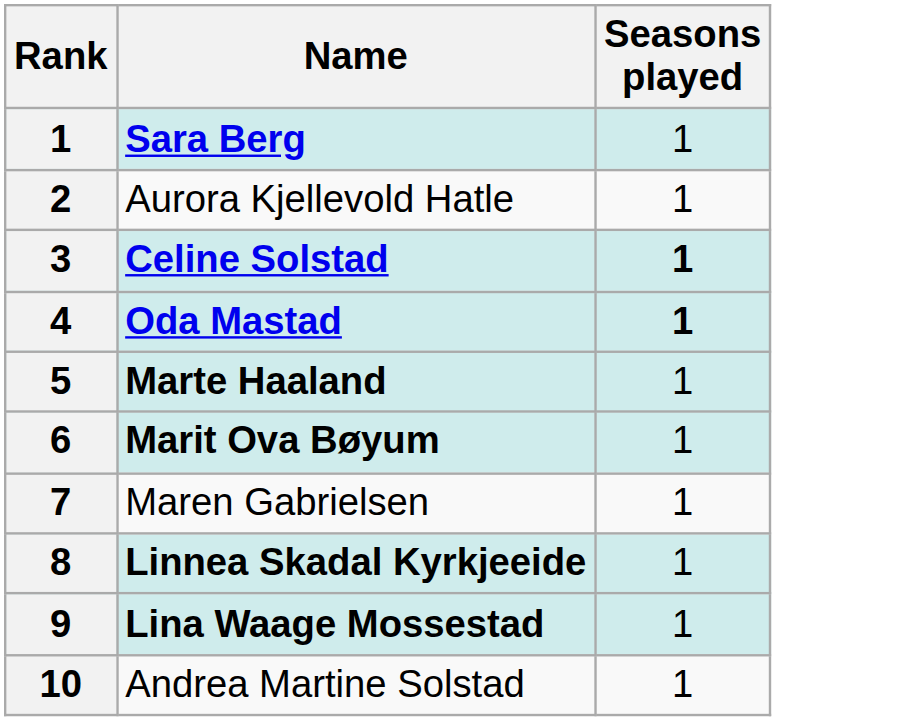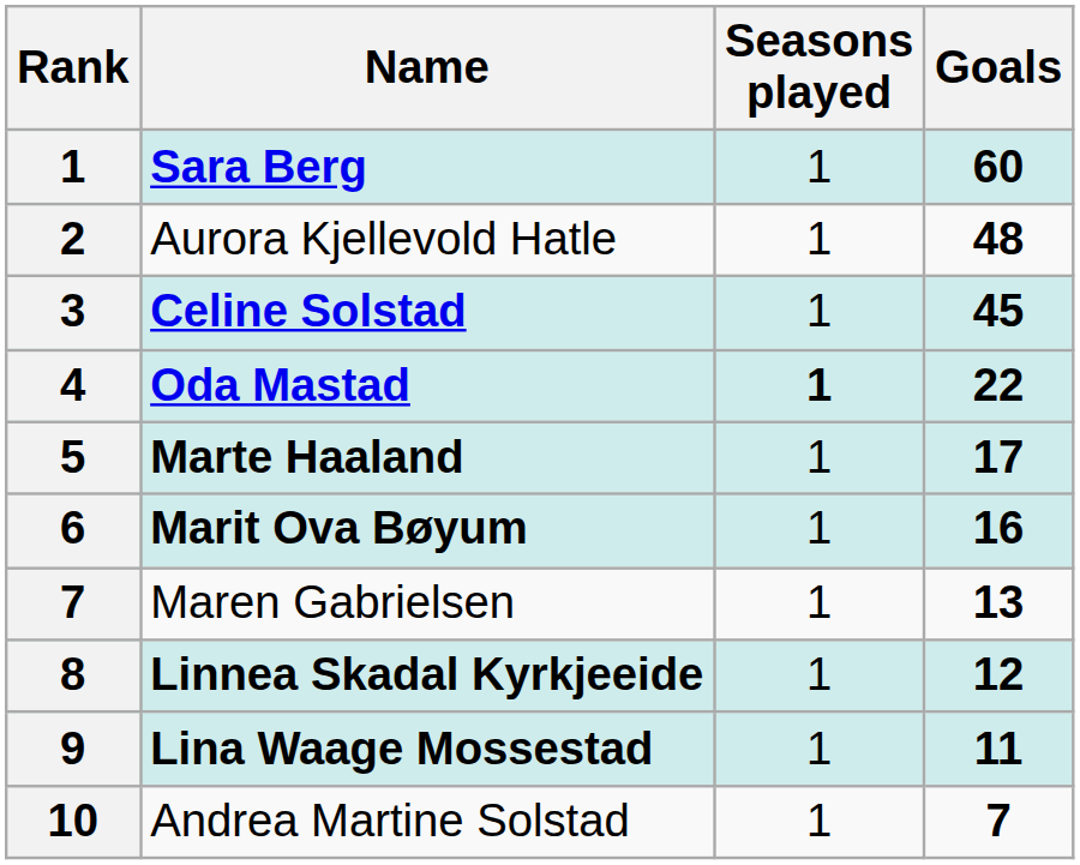 <table class="wikitable" style="text-align: center;">
 <tr>
 <th>Rank</th>
 <th class="unsortable">Name</th>
 <th>Seasons<br>played</th>
+<th>Goals</th>
 </tr>
 <tr style="background-color: #CFECEC;">
 <th rowspan="1">1</th>
 <td style="text-align: left;"> <strong><a href='#'>Sara Berg</a></strong></td>
 <td>1</td>
+<td><strong>60</strong></td>
 </tr>
 <tr>
 <th rowspan="1">2</th>
 <td style="text-align: left;"> Aurora Kjellevold Hatle</td>
 <td>1</td>
+<td><strong>48</strong></td>
 </tr>
 <tr style="background-color: #CFECEC;">
 <th rowspan="1">3</th>
 <td style="text-align: left;"> <strong><a href='#'>Celine Solstad</a></strong></td>
-<td><strong>1</strong></td>
+<td>1</td>
+<td><strong>45</strong></td>
 </tr>
 <tr style="background-color: #CFECEC;">
 <th rowspan="1">4</th>
 <td style="text-align: left;"> <strong><a href='#'>Oda Mastad</a></strong></td>
 <td><strong>1</strong></td>
+<td><strong>22</strong></td>
 </tr>
 <tr style="background-color: #CFECEC;">
 <th rowspan="1">5</th>
 <td style="text-align: left;"> <strong>Marte Haaland</strong></td>
 <td>1</td>
+<td><strong>17</strong></td>
 </tr>
 <tr style="background-color: #CFECEC;">
 <th rowspan="1">6</th>
 <td style="text-align: left;"> <strong>Marit Ova Bøyum</strong></td>
 <td>1</td>
+<td><strong>16</strong></td>
 </tr>
 <tr>
 <th rowspan="1">7</th>
 <td style="text-align: left;"> Maren Gabrielsen</td>
 <td>1</td>
+<td><strong>13</strong></td>
 </tr>
 <tr style="background-color: #CFECEC;">
 <th rowspan="1">8</th>
 <td style="text-align: left;"> <strong>Linnea Skadal Kyrkjeeide</strong></td>
 <td>1</td>
+<td><strong>12</strong></td>
 </tr>
 <tr style="background-color: #CFECEC;">
 <th rowspan="1">9</th>
 <td style="text-align: left;"> <strong>Lina Waage Mossestad</strong></td>
 <td>1</td>
+<td><strong>11</strong></td>
 </tr>
 <tr>
 <th rowspan="1">10</th>
 <td style="text-align: left;"> Andrea Martine Solstad</td>
 <td>1</td>
+<td><strong>7</strong></td>
 </tr>
 </table>
